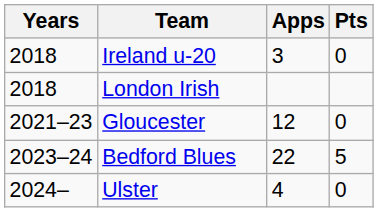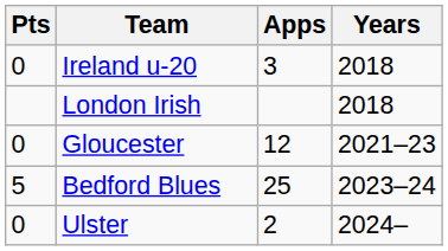 <table class="wikitable" style="text-align:left;">
 <tr>
-<th>Years</th>
+<th>Pts</th>
 <th width=120px>Team</th>
 <th>Apps</th>
-<th>Pts</th>
+<th>Years</th>
 </tr>
 <tr>
-<td>2018</td>
+<td>0</td>
 <td><a href='#'>Ireland u-20</a></td>
 <td>3</td>
-<td>0</td>
+<td>2018</td>
 </tr>
 <tr>
-<td>2018</td>
+<td></td>
 <td><a href='#'>London Irish</a></td>
 <td></td>
-<td></td>
+<td>2018</td>
 </tr>
 <tr>
-<td>2021–23</td>
+<td>0</td>
 <td><a href='#'>Gloucester</a></td>
 <td>12</td>
-<td>0</td>
+<td>2021–23</td>
 </tr>
 <tr>
+<td>5</td>
+<td><a href='#'>Bedford Blues</a></td>
+<td>25</td>
 <td>2023–24</td>
-<td><a href='#'>Bedford Blues</a></td>
-<td>22</td>
-<td>5</td>
 </tr>
 <tr>
+<td>0</td>
+<td><a href='#'>Ulster</a></td>
+<td>2</td>
 <td>2024–</td>
-<td><a href='#'>Ulster</a></td>
-<td>4</td>
-<td>0</td>
 </tr>
 </table>
